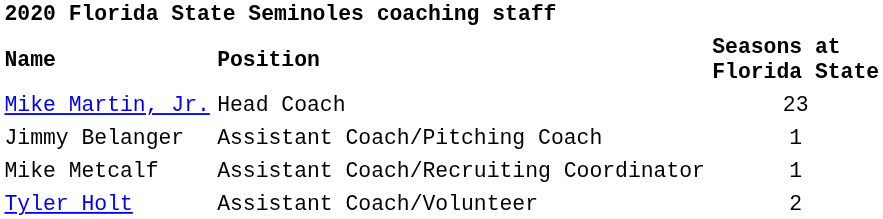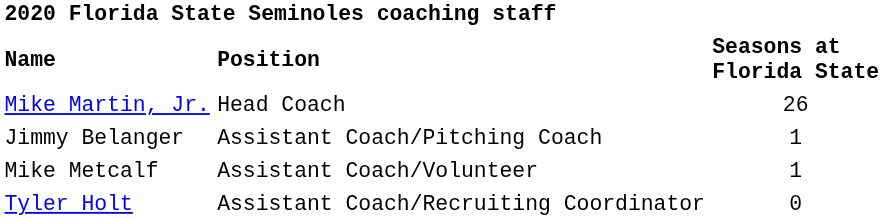 <table class="toccolours" style="text-align: left; font-size:90%">
 <tr>
 <th colspan="9">2020 Florida State Seminoles coaching staff</th>
 </tr>
 <tr>
 <th>Name</th>
 <th>Position</th>
 <th>Seasons at<br>Florida State</th>
 </tr>
 <tr>
 <td><a href='#'>Mike Martin, Jr.</a></td>
 <td>Head Coach</td>
-<td align=center>23</td>
+<td align=center>26</td>
 </tr>
 <tr>
 <td>Jimmy Belanger</td>
 <td>Assistant Coach/Pitching Coach</td>
 <td align=center>1</td>
 </tr>
 <tr>
 <td>Mike Metcalf</td>
-<td>Assistant Coach/Recruiting Coordinator</td>
+<td>Assistant Coach/Volunteer</td>
 <td align=center>1</td>
 </tr>
 <tr>
 <td><a href='#'>Tyler Holt</a></td>
-<td>Assistant Coach/Volunteer</td>
-<td align=center>2</td>
+<td>Assistant Coach/Recruiting Coordinator</td>
+<td align=center>0</td>
 </tr>
 </table>
